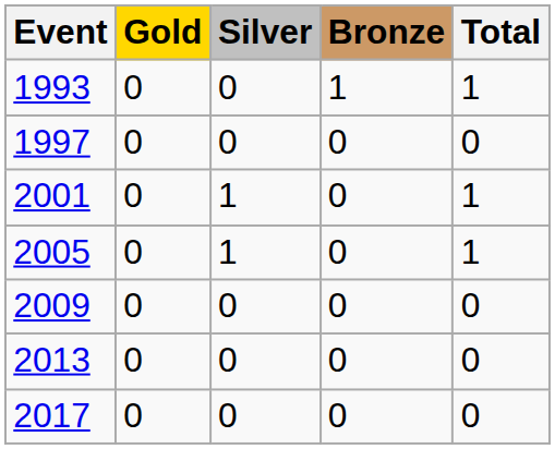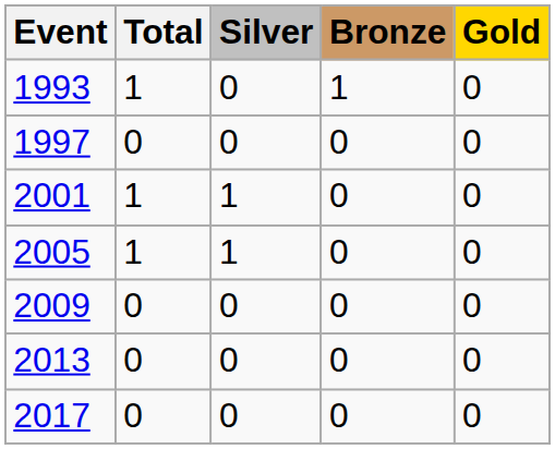 <table class="wikitable">
 <tr>
 <th>Event</th>
-<td style="background:gold; font-weight:bold;">Gold</td>
+<th>Total</th>
 <td style="background:silver; font-weight:bold;">Silver</td>
 <td style="background:#c96; font-weight:bold;">Bronze</td>
-<th>Total</th>
+<td style="background:gold; font-weight:bold;">Gold</td>
 </tr>
 <tr>
 <td><a href='#'>1993</a></td>
-<td>0</td>
+<td>1</td>
 <td>0</td>
 <td>1</td>
-<td>1</td>
+<td>0</td>
 </tr>
 <tr>
 <td><a href='#'>1997</a></td>
 <td>0</td>
 <td>0</td>
 <td>0</td>
 <td>0</td>
 </tr>
 <tr>
 <td><a href='#'>2001</a></td>
-<td>0</td>
+<td>1</td>
 <td>1</td>
 <td>0</td>
-<td>1</td>
+<td>0</td>
 </tr>
 <tr>
 <td><a href='#'>2005</a></td>
-<td>0</td>
+<td>1</td>
 <td>1</td>
 <td>0</td>
-<td>1</td>
+<td>0</td>
 </tr>
 <tr>
 <td><a href='#'>2009</a></td>
 <td>0</td>
 <td>0</td>
 <td>0</td>
 <td>0</td>
 </tr>
 <tr>
 <td><a href='#'>2013</a></td>
 <td>0</td>
 <td>0</td>
 <td>0</td>
 <td>0</td>
 </tr>
 <tr>
 <td><a href='#'>2017</a></td>
 <td>0</td>
 <td>0</td>
 <td>0</td>
 <td>0</td>
 </tr>
 </table>
